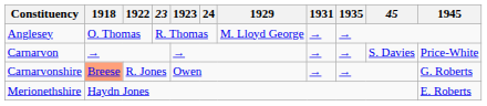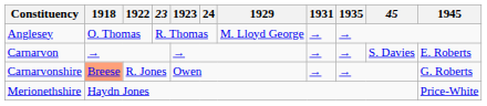 <table class="wikitable">
 <tr>
 <th>Constituency</th>
 <th>1918</th>
 <th>1922</th>
 <th><em>23</em></th>
 <th>1923</th>
 <th>24</th>
 <th>1929</th>
 <th>1931</th>
 <th>1935</th>
 <th><em>45</em></th>
 <th>1945</th>
 </tr>
 <tr>
 <td><a href='#'>Anglesey</a></td>
 <td colspan="2"><a href='#'>O. Thomas</a></td>
 <td colspan="3"><a href='#'>R. Thomas</a></td>
 <td><a href='#'>M. Lloyd George</a></td>
 <td><a href='#'>→</a></td>
 <td colspan="3"><a href='#'>→</a></td>
 </tr>
 <tr>
 <td><a href='#'>Carnarvon</a></td>
 <td colspan="3"><a href='#'>→</a></td>
 <td colspan="3"><a href='#'>→</a></td>
 <td><a href='#'>→</a></td>
 <td><a href='#'>→</a></td>
 <td><a href='#'>S. Davies</a></td>
-<td><a href='#'>Price-White</a></td>
+<td><a href='#'>E. Roberts</a></td>
 </tr>
 <tr>
 <td><a href='#'>Carnarvonshire</a></td>
 <td style="background: lightsalmon;"><a href='#'>Breese</a></td>
 <td colspan="2"><a href='#'>R. Jones</a></td>
 <td colspan="3"><a href='#'>Owen</a></td>
 <td><a href='#'>→</a></td>
 <td colspan="2"><a href='#'>→</a></td>
 <td><a href='#'>G. Roberts</a></td>
 </tr>
 <tr>
 <td><a href='#'>Merionethshire</a></td>
 <td colspan="9"><a href='#'>Haydn Jones</a></td>
-<td><a href='#'>E. Roberts</a></td>
+<td><a href='#'>Price-White</a></td>
 </tr>
 </table>
